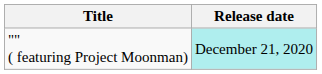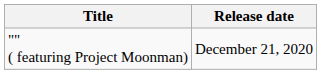 <table class="wikitable">
 <tr>
 <th>Title</th>
 <th>Release date</th>
 </tr>
 <tr>
 <td>""<br>( featuring Project Moonman)</td>
-<td style="background: paleturquoise;">December 21, 2020</td>
+<td>December 21, 2020</td>
 </tr>
 </table>
